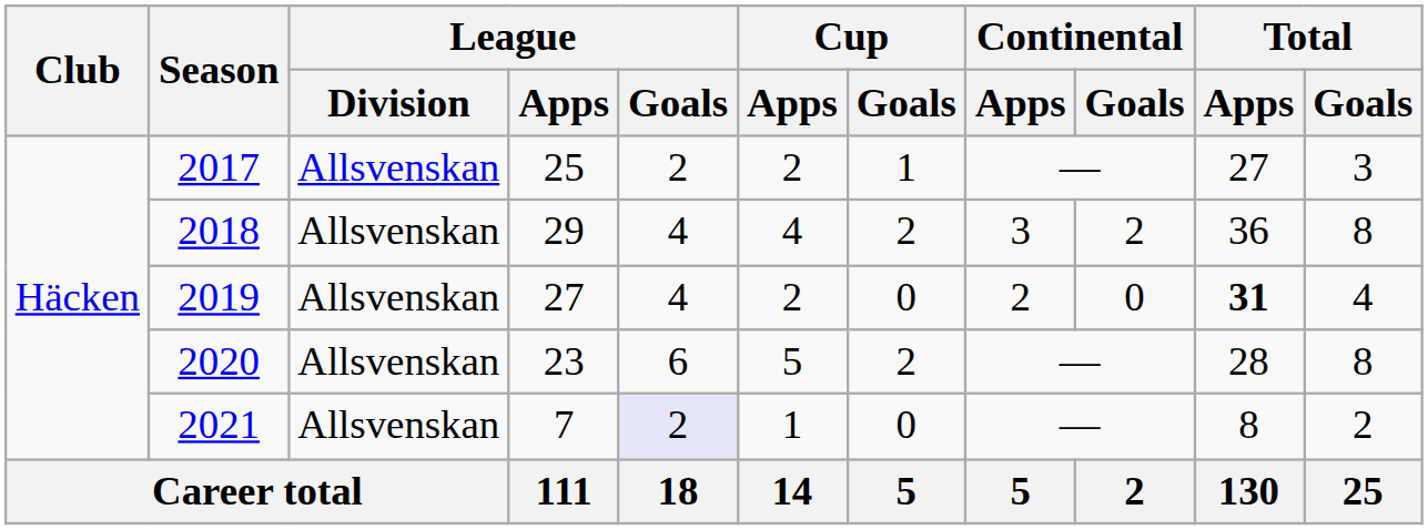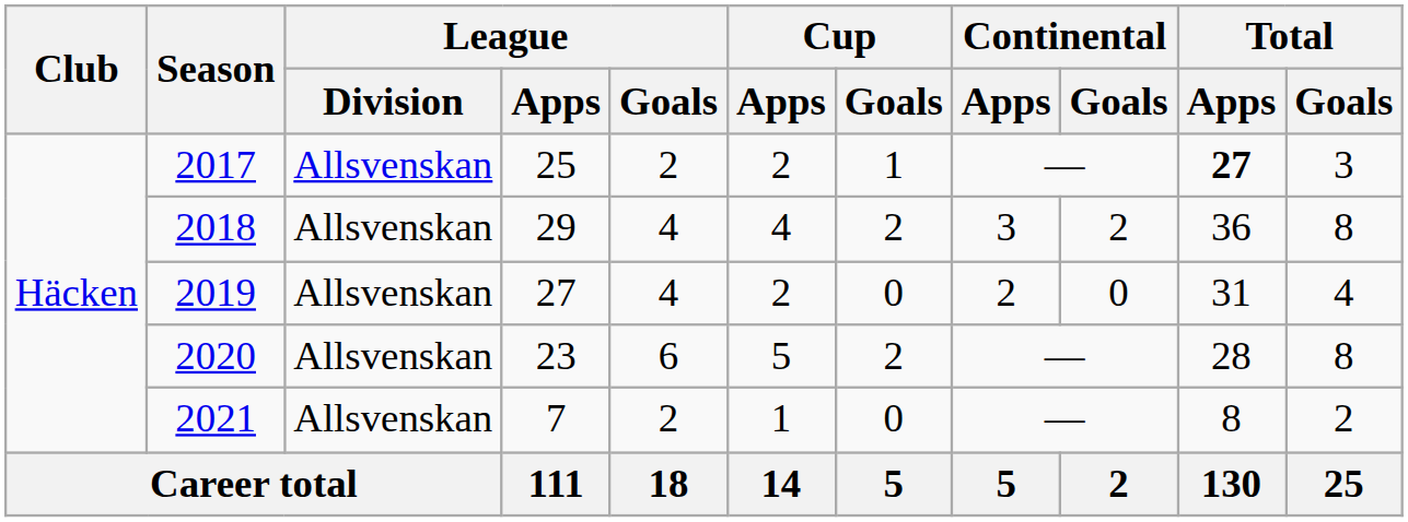 <table class="wikitable" style="text-align:center">
 <tr>
 <th rowspan="2">Club</th>
 <th rowspan="2">Season</th>
 <th colspan="3">League</th>
 <th colspan="2">Cup</th>
 <th colspan="2">Continental</th>
 <th colspan="2">Total</th>
 </tr>
 <tr>
 <th>Division</th>
 <th>Apps</th>
 <th>Goals</th>
 <th>Apps</th>
 <th>Goals</th>
 <th>Apps</th>
 <th>Goals</th>
 <th>Apps</th>
 <th>Goals</th>
 </tr>
 <tr>
 <td rowspan="5"><a href='#'>Häcken</a></td>
 <td><a href='#'>2017</a></td>
 <td><a href='#'>Allsvenskan</a></td>
 <td>25</td>
 <td>2</td>
 <td>2</td>
 <td>1</td>
 <td colspan="2">—</td>
-<td>27</td>
+<td><strong>27</strong></td>
 <td>3</td>
 </tr>
 <tr>
 <td><a href='#'>2018</a></td>
 <td>Allsvenskan</td>
 <td>29</td>
 <td>4</td>
 <td>4</td>
 <td>2</td>
 <td>3</td>
 <td>2</td>
 <td>36</td>
 <td>8</td>
 </tr>
 <tr>
 <td><a href='#'>2019</a></td>
 <td>Allsvenskan</td>
 <td>27</td>
 <td>4</td>
 <td>2</td>
 <td>0</td>
 <td>2</td>
 <td>0</td>
-<td><strong>31</strong></td>
+<td>31</td>
 <td>4</td>
 </tr>
 <tr>
 <td><a href='#'>2020</a></td>
 <td>Allsvenskan</td>
 <td>23</td>
 <td>6</td>
 <td>5</td>
 <td>2</td>
 <td colspan="2">—</td>
 <td>28</td>
 <td>8</td>
 </tr>
 <tr>
 <td><a href='#'>2021</a></td>
 <td>Allsvenskan</td>
 <td>7</td>
-<td style="background: lavender;">2</td>
+<td>2</td>
 <td>1</td>
 <td>0</td>
 <td colspan="2">—</td>
 <td>8</td>
 <td>2</td>
 </tr>
 <tr>
 <th colspan="3">Career total</th>
 <th>111</th>
 <th>18</th>
 <th>14</th>
 <th>5</th>
 <th>5</th>
 <th>2</th>
 <th>130</th>
 <th>25</th>
 </tr>
 </table>
